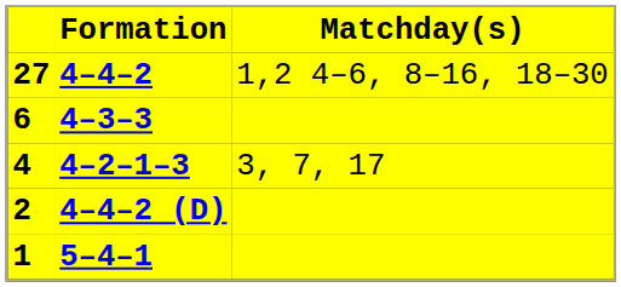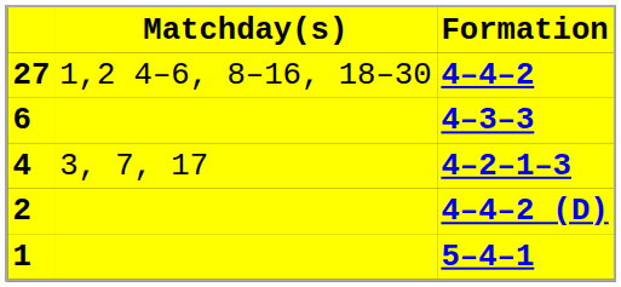 <table class="toccolours" border="0" cellpadding="2" cellspacing="0" align="center" style="margin: 0.5em 0 1em 1em; background: #000000; border: 1px #aaaaaa solid;">
 <tr bgcolor=#FFFF00>
 <th></th>
+<th>Matchday(s)</th>
 <th>Formation</th>
-<th>Matchday(s)</th>
 </tr>
 <tr bgcolor=#FFFF00>
 <td><strong>27</strong></td>
+<td>1,2 4–6, 8–16, 18–30</td>
 <td><a href='#'><span><strong>4–4–2</strong></span></a></td>
-<td>1,2 4–6, 8–16, 18–30</td>
 </tr>
 <tr bgcolor=#FFFF00>
 <td><strong>6</strong></td>
+<td></td>
 <td><a href='#'><span><strong>4–3–3</strong></span></a></td>
-<td></td>
 </tr>
 <tr bgcolor=#FFFF00>
 <td><strong>4</strong></td>
+<td>3, 7, 17</td>
 <td><a href='#'><span><strong>4–2–1–3</strong></span></a></td>
-<td>3, 7, 17</td>
 </tr>
 <tr bgcolor=#FFFF00>
 <td><strong>2</strong></td>
+<td></td>
 <td><a href='#'><span><strong>4–4–2 (D)</strong></span></a></td>
-<td></td>
 </tr>
 <tr bgcolor=#FFFF00>
 <td><strong>1</strong></td>
+<td></td>
 <td><a href='#'><span><strong>5–4–1</strong></span></a></td>
-<td></td>
 </tr>
 </table>
